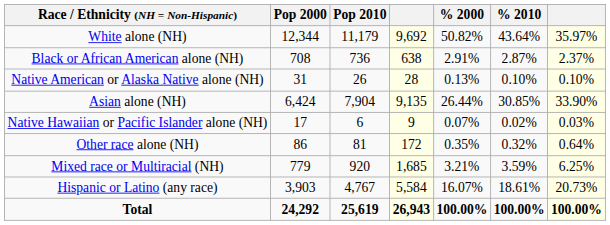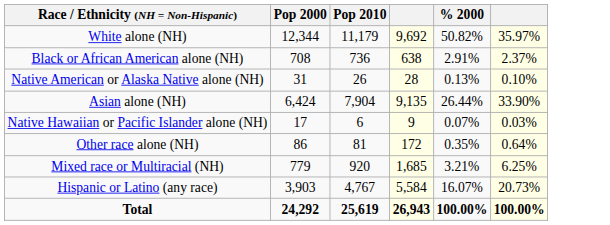 <table class="wikitable" style="text-align:center;">
 <tr>
 <th>Race / Ethnicity <small>(<em>NH = Non-Hispanic</em>)</small></th>
 <th>Pop 2000</th>
 <th>Pop 2010</th>
 <th></th>
 <th>% 2000</th>
-<th>% 2010</th>
 <th></th>
 </tr>
 <tr>
 <td><a href='#'>White</a> alone (NH)</td>
 <td>12,344</td>
 <td>11,179</td>
 <td style='background: #ffffe6;'>9,692</td>
 <td>50.82%</td>
-<td>43.64%</td>
 <td style='background: #ffffe6;'>35.97%</td>
 </tr>
 <tr>
 <td><a href='#'>Black or African American</a> alone (NH)</td>
 <td>708</td>
 <td>736</td>
 <td style='background: #ffffe6;'>638</td>
 <td>2.91%</td>
-<td>2.87%</td>
 <td style='background: #ffffe6;'>2.37%</td>
 </tr>
 <tr>
 <td><a href='#'>Native American</a> or <a href='#'>Alaska Native</a> alone (NH)</td>
 <td>31</td>
 <td>26</td>
 <td style='background: #ffffe6;'>28</td>
 <td>0.13%</td>
-<td>0.10%</td>
 <td style='background: #ffffe6;'>0.10%</td>
 </tr>
 <tr>
 <td><a href='#'>Asian</a> alone (NH)</td>
 <td>6,424</td>
 <td>7,904</td>
 <td style='background: #ffffe6;'>9,135</td>
 <td>26.44%</td>
-<td>30.85%</td>
 <td style='background: #ffffe6;'>33.90%</td>
 </tr>
 <tr>
 <td><a href='#'>Native Hawaiian</a> or <a href='#'>Pacific Islander</a> alone (NH)</td>
 <td>17</td>
 <td>6</td>
 <td style='background: #ffffe6;'>9</td>
 <td>0.07%</td>
-<td>0.02%</td>
 <td style='background: #ffffe6;'>0.03%</td>
 </tr>
 <tr>
 <td><a href='#'>Other race</a> alone (NH)</td>
 <td>86</td>
 <td>81</td>
 <td style='background: #ffffe6;'>172</td>
 <td>0.35%</td>
-<td>0.32%</td>
 <td style='background: #ffffe6;'>0.64%</td>
 </tr>
 <tr>
 <td><a href='#'>Mixed race or Multiracial</a> (NH)</td>
 <td>779</td>
 <td>920</td>
 <td style='background: #ffffe6;'>1,685</td>
 <td>3.21%</td>
-<td>3.59%</td>
 <td style='background: #ffffe6;'>6.25%</td>
 </tr>
 <tr>
 <td><a href='#'>Hispanic or Latino</a> (any race)</td>
 <td>3,903</td>
 <td>4,767</td>
 <td style='background: #ffffe6;'>5,584</td>
 <td>16.07%</td>
-<td>18.61%</td>
 <td style='background: #ffffe6;'>20.73%</td>
 </tr>
 <tr>
 <td><strong>Total</strong></td>
 <td><strong>24,292</strong></td>
 <td><strong>25,619</strong></td>
 <td style='background: #ffffe6;'><strong>26,943</strong></td>
 <td><strong>100.00%</strong></td>
-<td><strong>100.00%</strong></td>
 <td style='background: #ffffe6;'><strong>100.00%</strong></td>
 </tr>
 </table>
